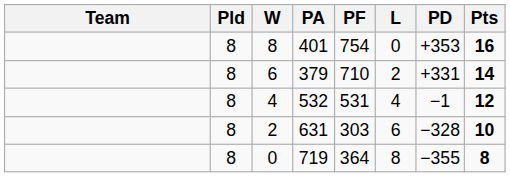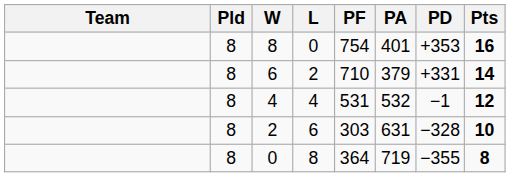 <table class=wikitable style="text-align:center">
 <tr>
 <th width=180>Team</th>
 <th width=30>Pld</th>
 <th width=30>W</th>
+<th width=30>L</th>
+<th width=30>PF</th>
 <th width=30>PA</th>
-<th width=30>PF</th>
-<th width=30>L</th>
 <th width=30>PD</th>
 <th width=30>Pts</th>
 </tr>
 <tr>
 <td align="left"></td>
 <td>8</td>
 <td>8</td>
+<td>0</td>
+<td>754</td>
 <td>401</td>
-<td>754</td>
-<td>0</td>
 <td>+353</td>
 <td><strong>16</strong></td>
 </tr>
 <tr>
 <td align="left"></td>
 <td>8</td>
 <td>6</td>
+<td>2</td>
+<td>710</td>
 <td>379</td>
-<td>710</td>
-<td>2</td>
 <td>+331</td>
 <td><strong>14</strong></td>
 </tr>
 <tr>
 <td align="left"></td>
 <td>8</td>
 <td>4</td>
+<td>4</td>
+<td>531</td>
 <td>532</td>
-<td>531</td>
-<td>4</td>
 <td>−1</td>
 <td><strong>12</strong></td>
 </tr>
 <tr>
 <td align="left"></td>
 <td>8</td>
 <td>2</td>
+<td>6</td>
+<td>303</td>
 <td>631</td>
-<td>303</td>
-<td>6</td>
 <td>−328</td>
 <td><strong>10</strong></td>
 </tr>
 <tr>
 <td align="left"></td>
 <td>8</td>
 <td>0</td>
+<td>8</td>
+<td>364</td>
 <td>719</td>
-<td>364</td>
-<td>8</td>
 <td>−355</td>
 <td><strong>8</strong></td>
 </tr>
 </table>
